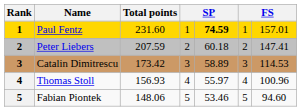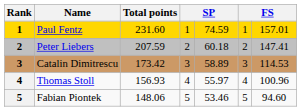 <table class="wikitable sortable">
 <tr>
 <th>Rank</th>
 <th>Name</th>
 <th>Total points</th>
 <th colspan="2" width="80px"><a href='#'>SP</a></th>
 <th colspan="2" width="80px"><a href='#'>FS</a></th>
 </tr>
 <tr bgcolor="gold">
 <td align="center"><strong>1</strong></td>
 <td><a href='#'>Paul Fentz</a></td>
 <td align="center">231.60</td>
 <td align="center">1</td>
-<td align="center"><strong>74.59</strong></td>
+<td align="center">74.59</td>
 <td align="center">1</td>
 <td align="center">157.01</td>
 </tr>
 <tr bgcolor="silver">
 <td align="center"><strong>2</strong></td>
 <td><a href='#'>Peter Liebers</a></td>
 <td align="center">207.59</td>
 <td align="center">2</td>
 <td align="center">60.18</td>
 <td align="center">2</td>
 <td align="center">147.41</td>
 </tr>
 <tr bgcolor="cc9966">
 <td align="center"><strong>3</strong></td>
 <td>Catalin Dimitrescu</td>
 <td align="center">173.42</td>
 <td align="center">3</td>
 <td align="center">58.89</td>
 <td align="center">3</td>
 <td align="center">114.53</td>
 </tr>
 <tr>
 <th>4</th>
 <td><a href='#'>Thomas Stoll</a></td>
 <td align="center">156.93</td>
 <td align="center">4</td>
 <td align="center">55.97</td>
 <td align="center">4</td>
 <td align="center">100.96</td>
 </tr>
 <tr>
 <th>5</th>
 <td>Fabian Piontek</td>
 <td align="center">148.06</td>
 <td align="center">5</td>
 <td align="center">53.46</td>
 <td align="center">5</td>
 <td align="center">94.60</td>
 </tr>
 </table>
